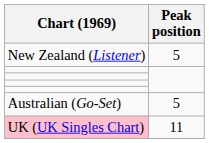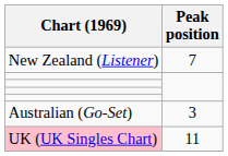 <table class="wikitable sortable">
 <tr>
 <th>Chart (1969)</th>
 <th>Peak<br>position</th>
 </tr>
 <tr>
 <td>New Zealand (<em><a href='#'>Listener</a></em>)</td>
-<td style="text-align:center;">5</td>
+<td style="text-align:center;">7</td>
 </tr>
 <tr>
 <td></td>
 </tr>
 <tr>
 <td></td>
 </tr>
 <tr>
 <td></td>
 </tr>
 <tr>
 <td></td>
 </tr>
 <tr>
 <td>Australian (<em>Go-Set</em>)</td>
-<td style="text-align:center;">5</td>
+<td style="text-align:center;">3</td>
 </tr>
 <tr>
 <td style="background: pink;">UK (<a href='#'>UK Singles Chart</a>)</td>
 <td style="text-align:center;">11</td>
 </tr>
 <tr>
 </tr>
 <tr>
 </tr>
 <tr>
 </tr>
 </table>
